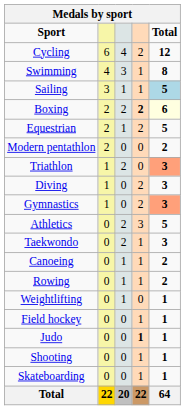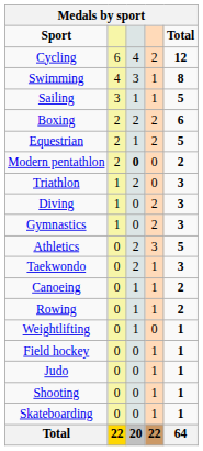 <table class="wikitable" style="font-size:85%">
 <tr style="background:#efefef;">
 <th colspan=7><strong>Medals by sport</strong></th>
 </tr>
 <tr align=center>
 <td><strong>Sport</strong></td>
 <td bgcolor=#f7f6a8></td>
 <td bgcolor=#dce5e5></td>
 <td bgcolor=#ffdab9></td>
 <td><strong>Total</strong></td>
 </tr>
 <tr align=center>
 <td><a href='#'>Cycling</a></td>
 <td style="background:#F7F6A8;">6</td>
 <td style="background:#DCE5E5;">4</td>
 <td style="background:#FFDAB9;">2</td>
 <td><strong>12</strong></td>
 </tr>
 <tr align=center>
 <td><a href='#'>Swimming</a></td>
 <td style="background:#F7F6A8;">4</td>
 <td style="background:#DCE5E5;">3</td>
 <td style="background:#FFDAB9;">1</td>
 <td><strong>8</strong></td>
 </tr>
 <tr align=center>
 <td><a href='#'>Sailing</a></td>
 <td style="background:#F7F6A8;">3</td>
 <td style="background:#DCE5E5;">1</td>
 <td style="background:#FFDAB9;">1</td>
-<td style="background: lightblue;"><strong>5</strong></td>
+<td><strong>5</strong></td>
 </tr>
 <tr align=center>
 <td><a href='#'>Boxing</a></td>
 <td style="background:#F7F6A8;">2</td>
 <td style="background:#DCE5E5;">2</td>
-<td style="background:#FFDAB9;"><strong>2</strong></td>
-<td style="background: lightyellow;"><strong>6</strong></td>
+<td style="background:#FFDAB9;">2</td>
+<td><strong>6</strong></td>
 </tr>
 <tr align=center>
 <td><a href='#'>Equestrian</a></td>
 <td style="background:#F7F6A8;">2</td>
 <td style="background:#DCE5E5;">1</td>
 <td style="background:#FFDAB9;">2</td>
 <td><strong>5</strong></td>
 </tr>
 <tr align=center>
 <td><a href='#'>Modern pentathlon</a></td>
 <td style="background:#F7F6A8;">2</td>
-<td style="background:#DCE5E5;">0</td>
+<td style="background:#DCE5E5;"><strong>0</strong></td>
 <td style="background:#FFDAB9;">0</td>
 <td><strong>2</strong></td>
 </tr>
 <tr align=center>
 <td><a href='#'>Triathlon</a></td>
 <td style="background:#F7F6A8;">1</td>
 <td style="background:#DCE5E5;">2</td>
 <td style="background:#FFDAB9;">0</td>
-<td style="background: lightsalmon;"><strong>3</strong></td>
+<td><strong>3</strong></td>
 </tr>
 <tr align=center>
 <td><a href='#'>Diving</a></td>
 <td style="background:#F7F6A8;">1</td>
 <td style="background:#DCE5E5;">0</td>
 <td style="background:#FFDAB9;">2</td>
 <td><strong>3</strong></td>
 </tr>
 <tr align=center>
 <td><a href='#'>Gymnastics</a></td>
 <td style="background:#F7F6A8;">1</td>
 <td style="background:#DCE5E5;">0</td>
 <td style="background:#FFDAB9;">2</td>
-<td style="background: lightsalmon;"><strong>3</strong></td>
+<td><strong>3</strong></td>
 </tr>
 <tr align=center>
 <td><a href='#'>Athletics</a></td>
 <td style="background:#F7F6A8;">0</td>
 <td style="background:#DCE5E5;">2</td>
 <td style="background:#FFDAB9;">3</td>
 <td><strong>5</strong></td>
 </tr>
 <tr align=center>
 <td><a href='#'>Taekwondo</a></td>
 <td style="background:#F7F6A8;">0</td>
 <td style="background:#DCE5E5;">2</td>
 <td style="background:#FFDAB9;">1</td>
 <td><strong>3</strong></td>
 </tr>
 <tr align=center>
 <td><a href='#'>Canoeing</a></td>
 <td style="background:#F7F6A8;">0</td>
 <td style="background:#DCE5E5;">1</td>
 <td style="background:#FFDAB9;">1</td>
 <td><strong>2</strong></td>
 </tr>
 <tr align=center>
 <td><a href='#'>Rowing</a></td>
 <td style="background:#F7F6A8;">0</td>
 <td style="background:#DCE5E5;">1</td>
 <td style="background:#FFDAB9;">1</td>
 <td><strong>2</strong></td>
 </tr>
 <tr align=center>
 <td><a href='#'>Weightlifting</a></td>
 <td style="background:#F7F6A8;">0</td>
 <td style="background:#DCE5E5;">1</td>
 <td style="background:#FFDAB9;">0</td>
 <td><strong>1</strong></td>
 </tr>
 <tr align=center>
 <td><a href='#'>Field hockey</a></td>
 <td style="background:#F7F6A8;">0</td>
 <td style="background:#DCE5E5;">0</td>
 <td style="background:#FFDAB9;">1</td>
 <td><strong>1</strong></td>
 </tr>
 <tr align=center>
 <td><a href='#'>Judo</a></td>
 <td style="background:#F7F6A8;">0</td>
 <td style="background:#DCE5E5;">0</td>
-<td style="background:#FFDAB9;"><strong>1</strong></td>
+<td style="background:#FFDAB9;">1</td>
 <td><strong>1</strong></td>
 </tr>
 <tr align=center>
 <td><a href='#'>Shooting</a></td>
 <td style="background:#F7F6A8;">0</td>
 <td style="background:#DCE5E5;">0</td>
 <td style="background:#FFDAB9;">1</td>
 <td><strong>1</strong></td>
 </tr>
 <tr align=center>
 <td><a href='#'>Skateboarding</a></td>
 <td style="background:#F7F6A8;">0</td>
 <td style="background:#DCE5E5;">0</td>
 <td style="background:#FFDAB9;">1</td>
 <td><strong>1</strong></td>
 </tr>
 <tr align=center>
 <th><strong>Total</strong></th>
 <th style="background:gold;"><strong>22</strong></th>
 <th style="background:silver;"><strong>20</strong></th>
 <th style="background:#c96;"><strong>22</strong></th>
 <th><strong>64</strong></th>
 </tr>
 </table>
